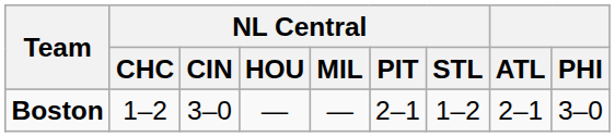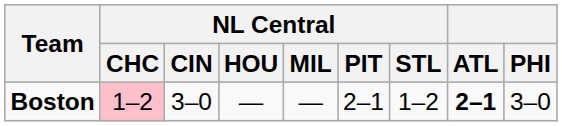 <table class="wikitable" style="text-align:center; font-size: 95%;">
 <tr>
 <th rowspan=2>Team</th>
 <th colspan=6>NL Central</th>
 <th colspan=2> </th>
 </tr>
 <tr>
 <th><strong>CHC</strong></th>
 <th><strong>CIN</strong></th>
 <th><strong>HOU</strong></th>
 <th><strong>MIL</strong></th>
 <th><strong>PIT</strong></th>
 <th><strong>STL</strong></th>
 <th><strong>ATL</strong></th>
 <th><strong>PHI</strong></th>
 </tr>
 <tr>
 <td><strong>Boston</strong></td>
-<td>1–2</td>
+<td style="background: pink;">1–2</td>
 <td>3–0</td>
 <td>—</td>
 <td>—</td>
 <td>2–1</td>
 <td>1–2</td>
-<td>2–1</td>
+<td><strong>2–1</strong></td>
 <td>3–0</td>
 </tr>
 </table>
